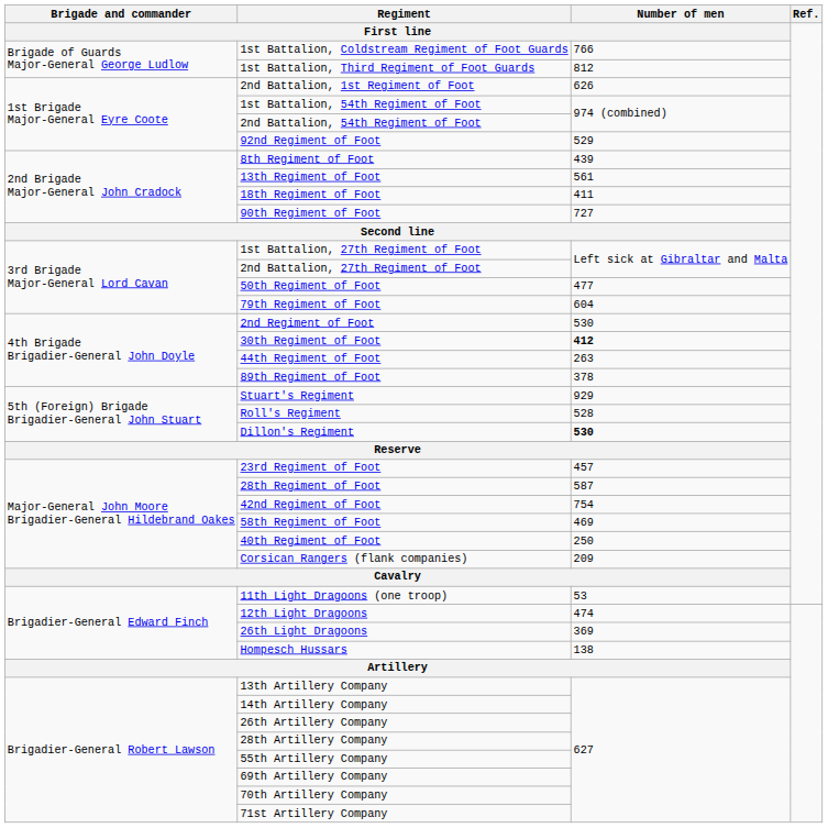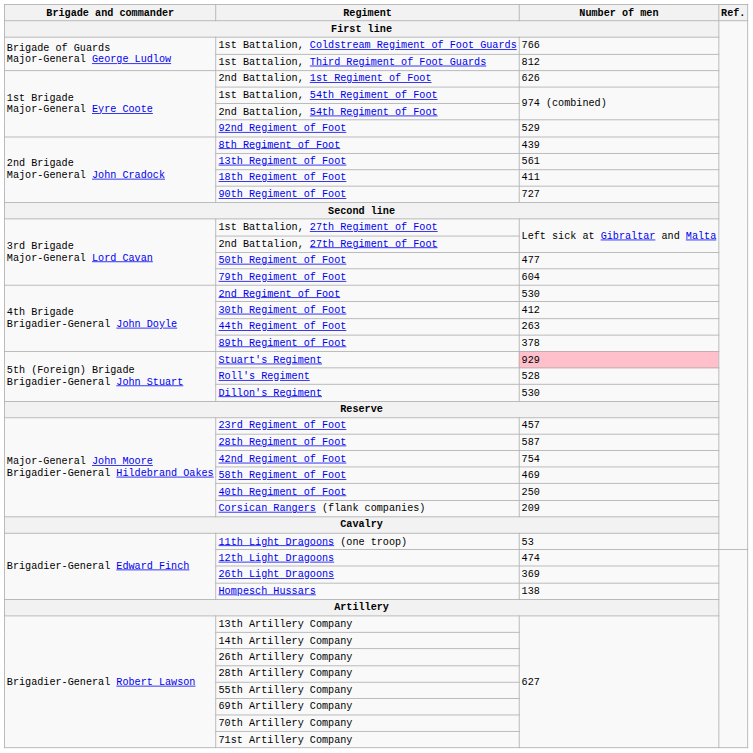 <table class="wikitable">
 <tr>
 <th style=>Brigade and commander</th>
 <th style=>Regiment</th>
 <th style=>Number of men</th>
 <th style=>Ref.</th>
 </tr>
 <tr>
 <th colspan="3" bgcolor="white">First line</th>
 <td rowspan=32></td>
 </tr>
 <tr>
 <td rowspan=2>Brigade of Guards<br>Major-General <a href='#'>George Ludlow</a></td>
 <td>1st Battalion, <a href='#'>Coldstream Regiment of Foot Guards</a></td>
 <td>766</td>
 </tr>
 <tr>
 <td>1st Battalion, <a href='#'>Third Regiment of Foot Guards</a></td>
 <td>812</td>
 </tr>
 <tr>
 <td rowspan=4>1st Brigade<br>Major-General <a href='#'>Eyre Coote</a></td>
 <td>2nd Battalion, <a href='#'>1st Regiment of Foot</a></td>
 <td>626</td>
 </tr>
 <tr>
 <td>1st Battalion, <a href='#'>54th Regiment of Foot</a></td>
 <td rowspan=2>974 (combined)</td>
 </tr>
 <tr>
 <td>2nd Battalion, <a href='#'>54th Regiment of Foot</a></td>
 </tr>
 <tr>
 <td><a href='#'>92nd Regiment of Foot</a></td>
 <td>529</td>
 </tr>
 <tr>
 <td rowspan=4>2nd Brigade<br>Major-General <a href='#'>John Cradock</a></td>
 <td><a href='#'>8th Regiment of Foot</a></td>
 <td>439</td>
 </tr>
 <tr>
 <td><a href='#'>13th Regiment of Foot</a></td>
 <td>561</td>
 </tr>
 <tr>
 <td><a href='#'>18th Regiment of Foot</a></td>
 <td>411</td>
 </tr>
 <tr>
 <td><a href='#'>90th Regiment of Foot</a></td>
 <td>727</td>
 </tr>
 <tr>
 <th colspan="3" bgcolor="white">Second line</th>
 </tr>
 <tr>
 <td rowspan=4>3rd Brigade<br>Major-General <a href='#'>Lord Cavan</a></td>
 <td>1st Battalion, <a href='#'>27th Regiment of Foot</a></td>
 <td rowspan=2>Left sick at <a href='#'>Gibraltar</a> and <a href='#'>Malta</a></td>
 </tr>
 <tr>
 <td>2nd Battalion, <a href='#'>27th Regiment of Foot</a></td>
 </tr>
 <tr>
 <td><a href='#'>50th Regiment of Foot</a></td>
 <td>477</td>
 </tr>
 <tr>
 <td><a href='#'>79th Regiment of Foot</a></td>
 <td>604</td>
 </tr>
 <tr>
 <td rowspan=4>4th Brigade<br>Brigadier-General <a href='#'>John Doyle</a></td>
 <td><a href='#'>2nd Regiment of Foot</a></td>
 <td>530</td>
 </tr>
 <tr>
 <td><a href='#'>30th Regiment of Foot</a></td>
-<td><strong>412</strong></td>
+<td>412</td>
 </tr>
 <tr>
 <td><a href='#'>44th Regiment of Foot</a></td>
 <td>263</td>
 </tr>
 <tr>
 <td><a href='#'>89th Regiment of Foot</a></td>
 <td>378</td>
 </tr>
 <tr>
 <td rowspan=3>5th (Foreign) Brigade<br>Brigadier-General <a href='#'>John Stuart</a></td>
 <td><a href='#'>Stuart's Regiment</a></td>
-<td>929</td>
+<td style="background: pink;">929</td>
 </tr>
 <tr>
 <td><a href='#'>Roll's Regiment</a></td>
 <td>528</td>
 </tr>
 <tr>
 <td><a href='#'>Dillon's Regiment</a></td>
-<td><strong>530</strong></td>
+<td>530</td>
 </tr>
 <tr>
 <th colspan="3" bgcolor="white">Reserve</th>
 </tr>
 <tr>
 <td rowspan=6>Major-General <a href='#'>John Moore</a><br>Brigadier-General <a href='#'>Hildebrand Oakes</a></td>
 <td><a href='#'>23rd Regiment of Foot</a></td>
 <td>457</td>
 </tr>
 <tr>
 <td><a href='#'>28th Regiment of Foot</a></td>
 <td>587</td>
 </tr>
 <tr>
 <td><a href='#'>42nd Regiment of Foot</a></td>
 <td>754</td>
 </tr>
 <tr>
 <td><a href='#'>58th Regiment of Foot</a></td>
 <td>469</td>
 </tr>
 <tr>
 <td><a href='#'>40th Regiment of Foot</a></td>
 <td>250</td>
 </tr>
 <tr>
 <td><a href='#'>Corsican Rangers</a> (flank companies)</td>
 <td>209</td>
 </tr>
 <tr>
 <th colspan="3" bgcolor="white">Cavalry</th>
 </tr>
 <tr>
 <td rowspan=4>Brigadier-General <a href='#'>Edward Finch</a></td>
 <td><a href='#'>11th Light Dragoons</a> (one troop)</td>
 <td>53</td>
 </tr>
 <tr>
 <td><a href='#'>12th Light Dragoons</a></td>
 <td>474</td>
 </tr>
 <tr>
 <td><a href='#'>26th Light Dragoons</a></td>
 <td>369</td>
 </tr>
 <tr>
 <td><a href='#'>Hompesch Hussars</a></td>
 <td>138</td>
 </tr>
 <tr>
 <th colspan="3" bgcolor="white">Artillery</th>
 </tr>
 <tr>
 <td rowspan=8>Brigadier-General <a href='#'>Robert Lawson</a></td>
 <td>13th Artillery Company</td>
 <td rowspan=8>627</td>
 </tr>
 <tr>
 <td>14th Artillery Company</td>
 </tr>
 <tr>
 <td>26th Artillery Company</td>
 </tr>
 <tr>
 <td>28th Artillery Company</td>
 </tr>
 <tr>
 <td>55th Artillery Company</td>
 </tr>
 <tr>
 <td>69th Artillery Company</td>
 </tr>
 <tr>
 <td>70th Artillery Company</td>
 </tr>
 <tr>
 <td>71st Artillery Company</td>
 </tr>
 </table>
